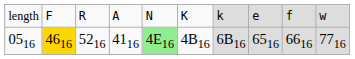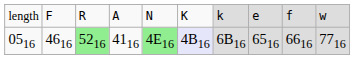 <table class="wikitable" style="margin-left: auto; margin-right:auto">
 <tr>
 <td><small>length</small></td>
 <td><code>F</code></td>
 <td><code>R</code></td>
 <td><code>A</code></td>
 <td><code>N</code></td>
 <td><code>K</code></td>
 <td style="background: #DDD"><code>k</code></td>
 <td style="background: #DDD"><code>e</code></td>
 <td style="background: #DDD"><code>f</code></td>
 <td style="background: #DDD"><code>w</code></td>
 </tr>
 <tr>
 <td>05<sub>16</sub></td>
-<td style="background: gold;">46<sub>16</sub></td>
-<td>52<sub>16</sub></td>
+<td>46<sub>16</sub></td>
+<td style="background: lightgreen;">52<sub>16</sub></td>
 <td>41<sub>16</sub></td>
 <td style="background: lightgreen;">4E<sub>16</sub></td>
-<td>4B<sub>16</sub></td>
+<td style="background: lavender;">4B<sub>16</sub></td>
 <td style="background: #DDD">6B<sub>16</sub></td>
 <td style="background: #DDD">65<sub>16</sub></td>
 <td style="background: #DDD">66<sub>16</sub></td>
 <td style="background: #DDD">77<sub>16</sub></td>
 </tr>
 </table>
